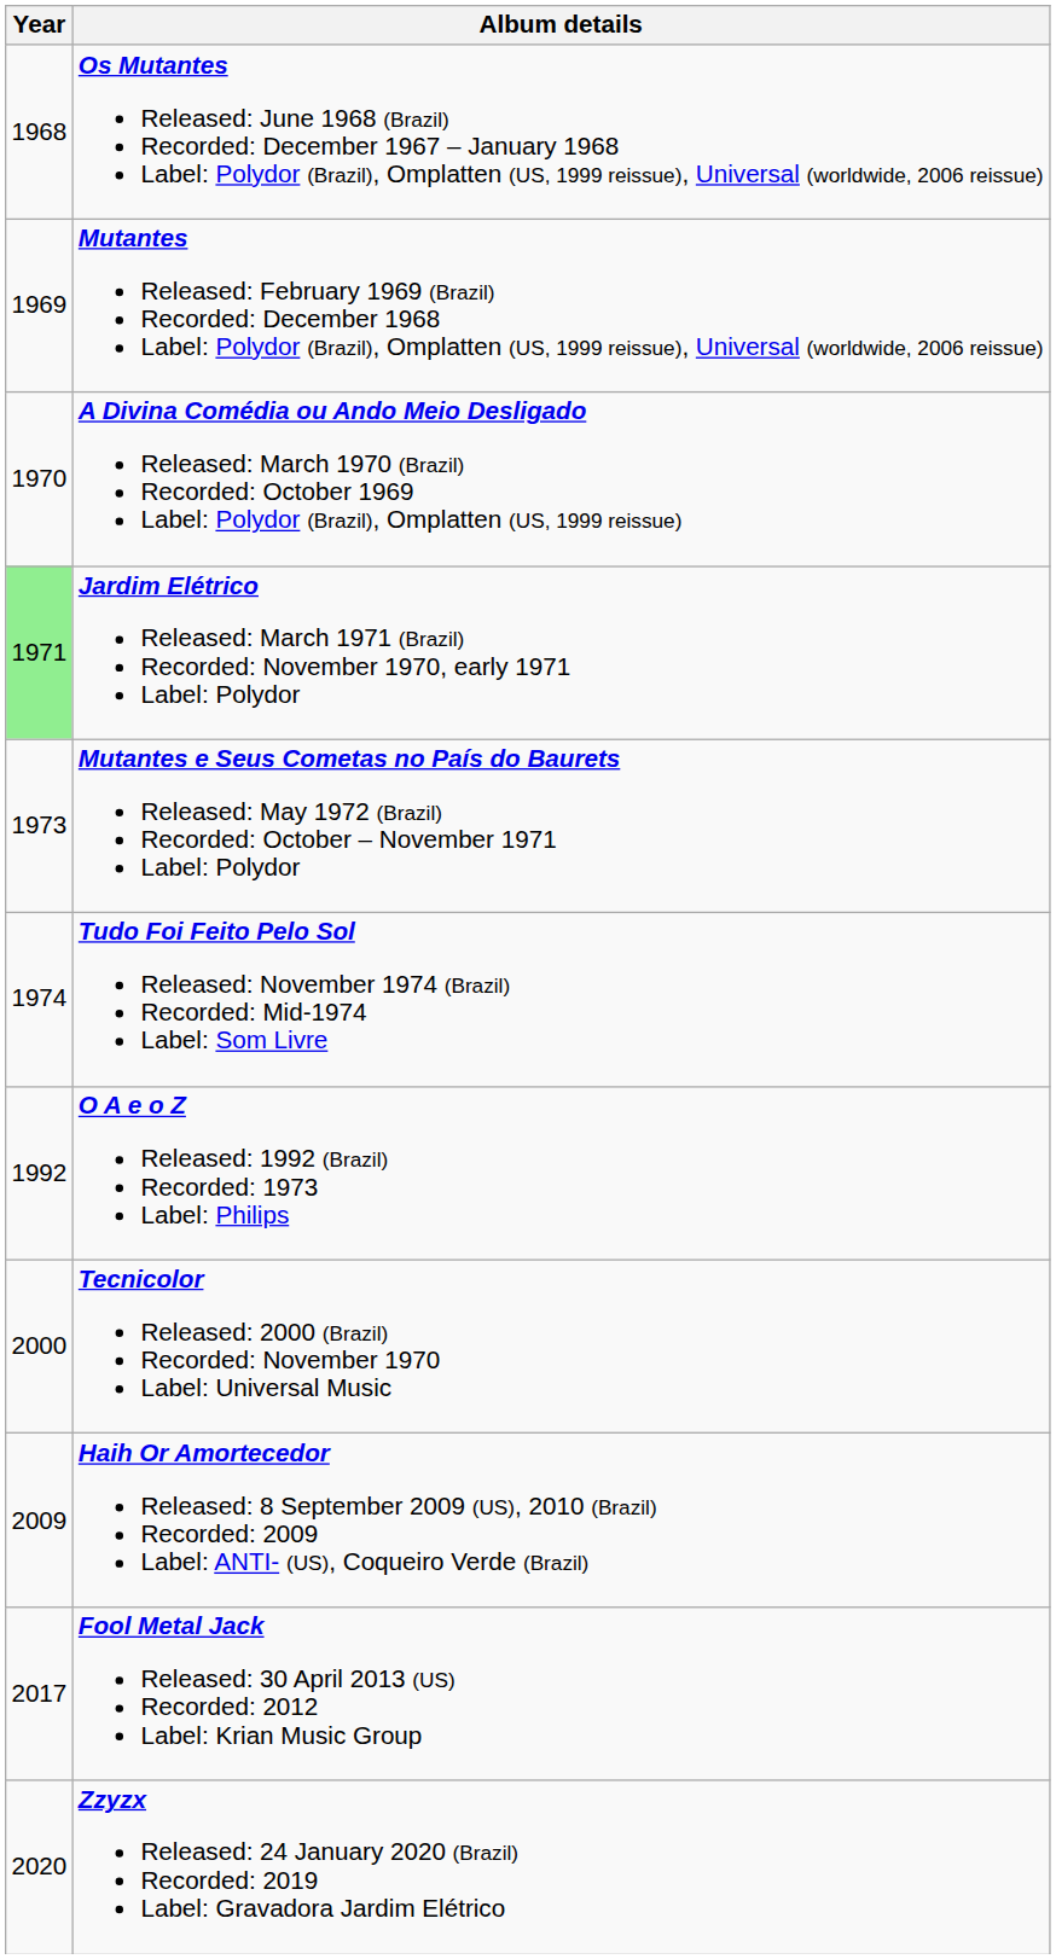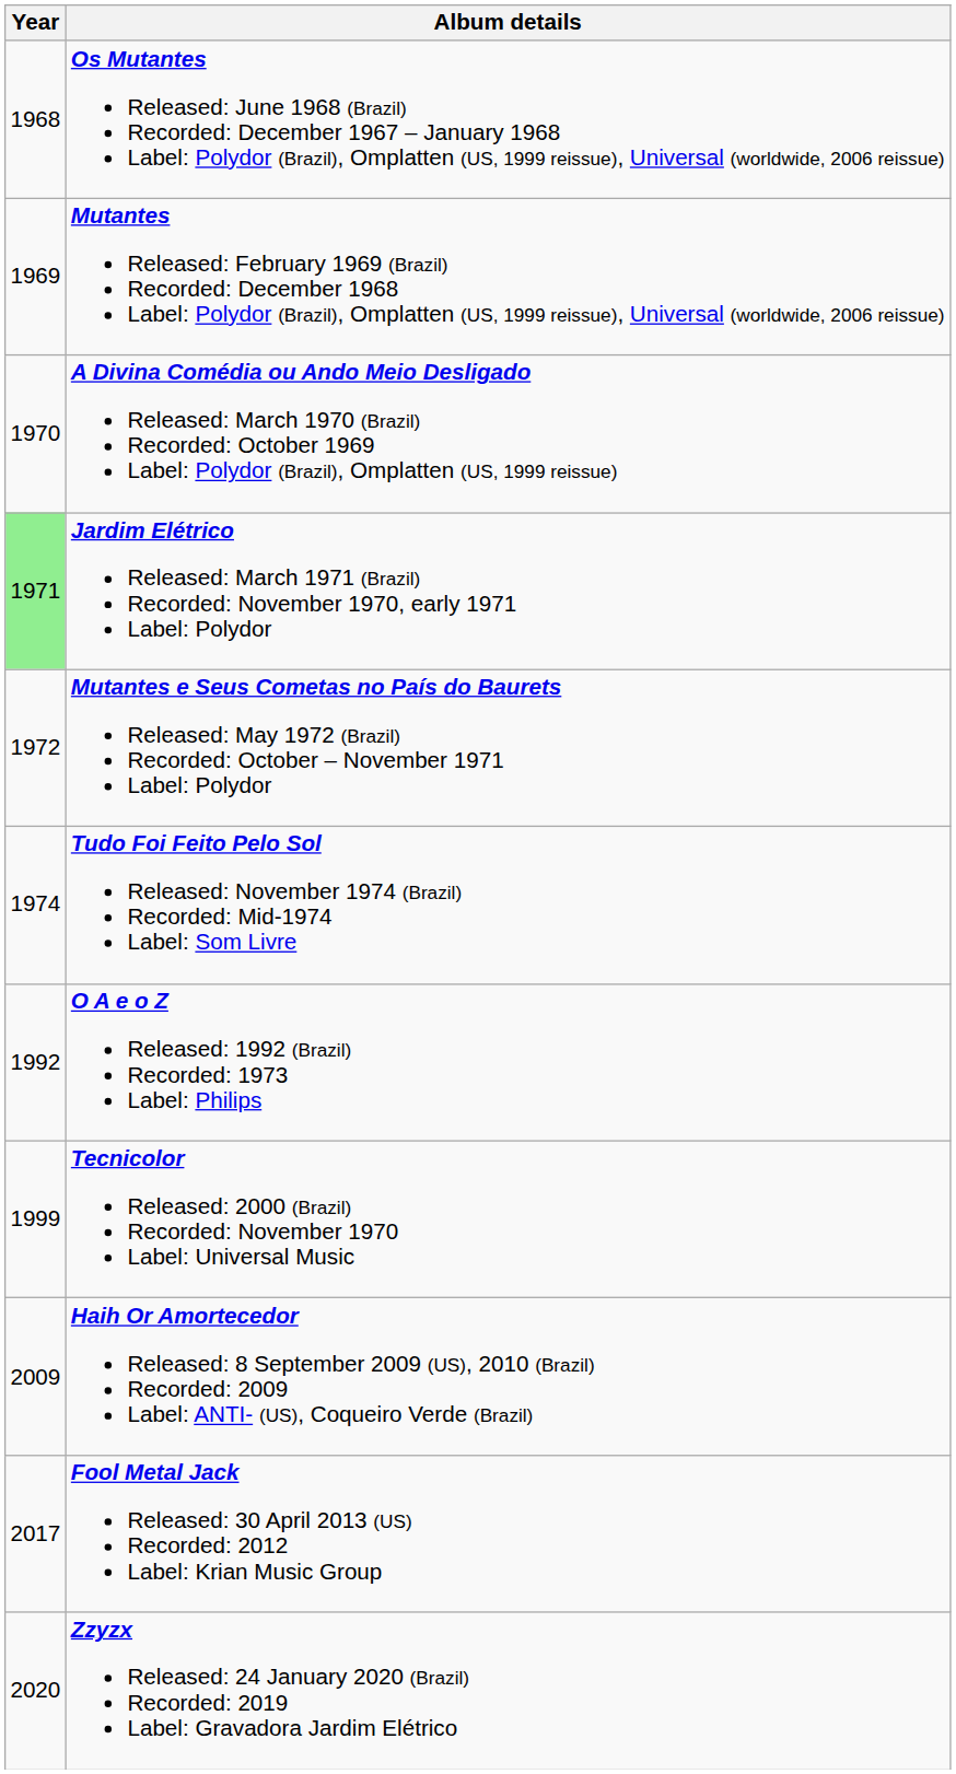 <table class="wikitable">
 <tr>
 <th>Year</th>
 <th>Album details</th>
 </tr>
 <tr>
 <td>1968</td>
 <td><strong><em><a href='#'>Os Mutantes</a></em></strong><br><ul><li>Released: June 1968 <small>(Brazil)</small></li><li>Recorded: December 1967 – January 1968</li><li>Label: <a href='#'>Polydor</a> <small>(Brazil)</small>, Omplatten <small>(US, 1999 reissue)</small>, <a href='#'>Universal</a> <small>(worldwide, 2006 reissue)</small></li></ul></td>
 </tr>
 <tr>
 <td>1969</td>
 <td><strong><em><a href='#'>Mutantes</a></em></strong><br><ul><li>Released: February 1969 <small>(Brazil)</small></li><li>Recorded: December 1968</li><li>Label: <a href='#'>Polydor</a> <small>(Brazil)</small>, Omplatten <small>(US, 1999 reissue)</small>, <a href='#'>Universal</a> <small>(worldwide, 2006 reissue)</small></li></ul></td>
 </tr>
 <tr>
 <td>1970</td>
 <td><strong><em><a href='#'>A Divina Comédia ou Ando Meio Desligado</a></em></strong><br><ul><li>Released: March 1970 <small>(Brazil)</small></li><li>Recorded: October 1969</li><li>Label: <a href='#'>Polydor</a> <small>(Brazil)</small>, Omplatten <small>(US, 1999 reissue)</small></li></ul></td>
 </tr>
 <tr>
 <td style="background: lightgreen;">1971</td>
 <td><strong><em><a href='#'>Jardim Elétrico</a></em></strong><br><ul><li>Released: March 1971 <small>(Brazil)</small></li><li>Recorded: November 1970, early 1971</li><li>Label: Polydor</li></ul></td>
 </tr>
 <tr>
-<td>1973</td>
+<td>1972</td>
 <td><strong><em><a href='#'>Mutantes e Seus Cometas no País do Baurets</a></em></strong><br><ul><li>Released: May 1972 <small>(Brazil)</small></li><li>Recorded: October – November 1971</li><li>Label: Polydor</li></ul></td>
 </tr>
 <tr>
 <td>1974</td>
 <td><strong><em><a href='#'>Tudo Foi Feito Pelo Sol</a></em></strong><br><ul><li>Released: November 1974 <small>(Brazil)</small></li><li>Recorded: Mid-1974</li><li>Label: <a href='#'>Som Livre</a></li></ul></td>
 </tr>
 <tr>
 <td>1992</td>
 <td><strong><em><a href='#'>O A e o Z</a></em></strong><br><ul><li>Released: 1992 <small>(Brazil)</small></li><li>Recorded: 1973</li><li>Label: <a href='#'>Philips</a></li></ul></td>
 </tr>
 <tr>
-<td>2000</td>
+<td>1999</td>
 <td><strong><em><a href='#'>Tecnicolor</a></em></strong><br><ul><li>Released: 2000 <small>(Brazil)</small></li><li>Recorded: November 1970</li><li>Label: Universal Music</li></ul></td>
 </tr>
 <tr>
 <td>2009</td>
 <td><strong><em><a href='#'>Haih Or Amortecedor</a></em></strong><br><ul><li>Released: 8 September 2009 <small>(US)</small>, 2010 <small>(Brazil)</small></li><li>Recorded: 2009</li><li>Label: <a href='#'>ANTI-</a> <small>(US)</small>, Coqueiro Verde <small>(Brazil)</small></li></ul></td>
 </tr>
 <tr>
 <td>2017</td>
 <td><strong><em><a href='#'>Fool Metal Jack</a></em></strong><br><ul><li>Released: 30 April 2013 <small>(US)</small></li><li>Recorded: 2012</li><li>Label: Krian Music Group</li></ul></td>
 </tr>
 <tr>
 <td>2020</td>
 <td><strong><em><a href='#'>Zzyzx</a></em></strong><br><ul><li>Released: 24 January 2020 <small>(Brazil)</small></li><li>Recorded: 2019</li><li>Label: Gravadora Jardim Elétrico</li></ul></td>
 </tr>
 </table>
